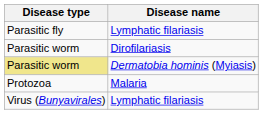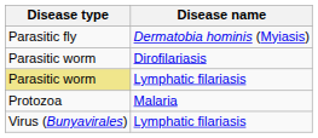 <table class="wikitable sortable">
 <tr>
 <th>Disease type</th>
 <th>Disease name</th>
 </tr>
 <tr>
 <td>Parasitic fly</td>
-<td><a href='#'>Lymphatic filariasis</a></td>
+<td><em><a href='#'>Dermatobia hominis</a></em> (<a href='#'>Myiasis</a>)</td>
 </tr>
 <tr>
 <td>Parasitic worm</td>
 <td><a href='#'>Dirofilariasis</a></td>
 </tr>
 <tr>
 <td style="background: khaki;">Parasitic worm</td>
-<td><em><a href='#'>Dermatobia hominis</a></em> (<a href='#'>Myiasis</a>)</td>
+<td><a href='#'>Lymphatic filariasis</a></td>
 </tr>
 <tr>
 <td>Protozoa</td>
 <td><a href='#'>Malaria</a></td>
 </tr>
 <tr>
 <td>Virus (<em><a href='#'>Bunyavirales</a></em>)</td>
 <td><a href='#'>Lymphatic filariasis</a></td>
 </tr>
 </table>
